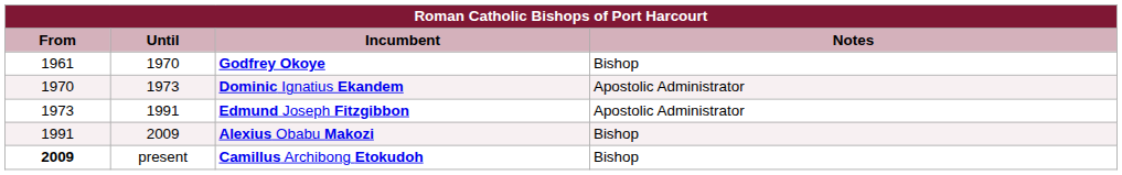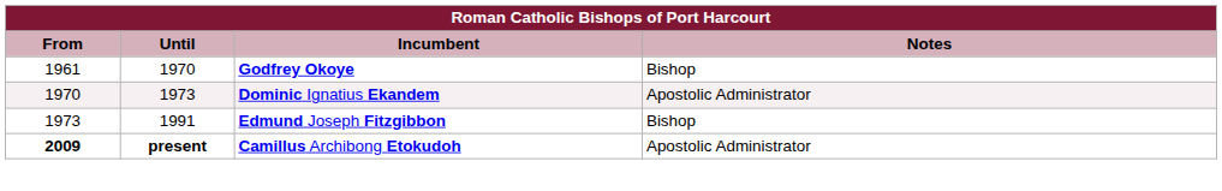 <table class="wikitable" style="width:95%"; border="1">
 <tr>
 <th colspan="4" style="background-color: #7F1734; color: white;">Roman Catholic Bishops of Port Harcourt</th>
 </tr>
 <tr align=center>
 <th style="background-color:#D4B1BB" width="9%">From</th>
 <th style="background-color:#D4B1BB" width="9%">Until</th>
 <th style="background-color:#D4B1BB" width="32%">Incumbent</th>
 <th style="background-color:#D4B1BB" width="45%">Notes</th>
 </tr>
 <tr valign=top bgcolor="white">
 <td align="center">1961</td>
 <td align="center">1970</td>
 <td><strong><a href='#'>Godfrey Okoye</a></strong></td>
 <td>Bishop</td>
 </tr>
 <tr valign=top bgcolor="#F7F0F2">
 <td align="center">1970</td>
 <td align="center">1973</td>
 <td><a href='#'><strong>Dominic</strong> Ignatius <strong>Ekandem</strong></a></td>
 <td>Apostolic Administrator</td>
 </tr>
 <tr valign=top bgcolor="white">
 <td align="center">1973</td>
 <td align="center">1991</td>
 <td><a href='#'><strong>Edmund</strong> Joseph <strong>Fitzgibbon</strong></a></td>
-<td>Apostolic Administrator</td>
-</tr>
-<tr valign=top bgcolor="#F7F0F2">
-<td align="center">1991</td>
-<td align="center">2009</td>
-<td><a href='#'><strong>Alexius</strong> Obabu <strong>Makozi</strong></a></td>
 <td>Bishop</td>
 </tr>
 <tr valign=top bgcolor="white">
 <td align="center"><strong>2009</strong></td>
-<td align="center">present</td>
+<td align="center"><strong>present</strong></td>
 <td><a href='#'><strong>Camillus</strong> Archibong <strong>Etokudoh</strong></a></td>
-<td>Bishop</td>
+<td>Apostolic Administrator</td>
 </tr>
 </table>
